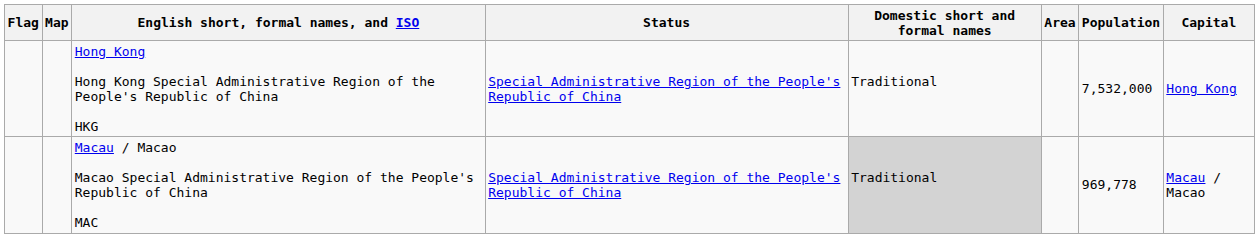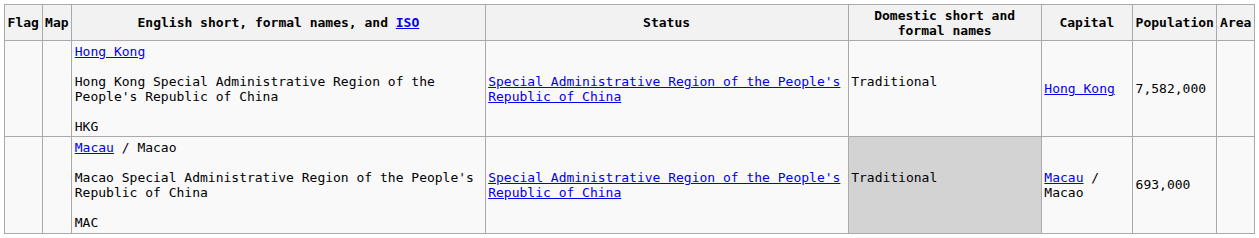 <table class="wikitable sortable">
 <tr>
 <th class="unsortable">Flag</th>
 <th class="unsortable">Map</th>
 <th>English short, formal names, and <a href='#'>ISO</a></th>
 <th>Status</th>
 <th>Domestic short and formal names</th>
+<th>Capital</th>
+<th>Population</th>
 <th>Area</th>
-<th>Population</th>
-<th>Capital</th>
 </tr>
 <tr>
 <td></td>
 <td></td>
 <td><a href='#'>Hong Kong</a><br><br>Hong Kong Special Administrative Region of the People's Republic of China<br><br>HKG</td>
 <td><a href='#'>Special Administrative Region of the People's Republic of China</a></td>
 <td>Traditional <br><br></td>
+<td><a href='#'>Hong Kong</a></td>
+<td>7,582,000</td>
 <td></td>
-<td>7,532,000</td>
-<td><a href='#'>Hong Kong</a></td>
 </tr>
 <tr>
 <td></td>
 <td></td>
 <td><a href='#'>Macau</a> / Macao<br><br>Macao Special Administrative Region of the People's Republic of China<br><br>MAC</td>
 <td><a href='#'>Special Administrative Region of the People's Republic of China</a></td>
 <td style="background: lightgrey;">Traditional <br><br></td>
+<td><a href='#'>Macau</a> / Macao</td>
+<td>693,000</td>
 <td></td>
-<td>969,778</td>
-<td><a href='#'>Macau</a> / Macao</td>
 </tr>
 </table>
